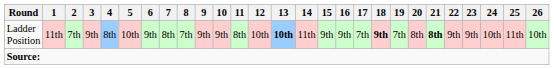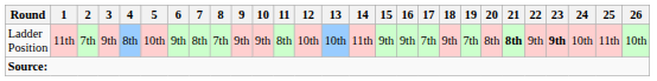 <table class="wikitable">
 <tr>
 <th>Round</th>
 <th>1</th>
 <th>2</th>
 <th>3</th>
 <th>4</th>
 <th>5</th>
 <th>6</th>
 <th>7</th>
 <th>8</th>
 <th>9</th>
 <th>10</th>
 <th>11</th>
 <th>12</th>
 <th>13</th>
 <th>14</th>
 <th>15</th>
 <th>16</th>
 <th>17</th>
 <th>18</th>
 <th>19</th>
 <th>20</th>
 <th>21</th>
 <th>22</th>
 <th>23</th>
 <th>24</th>
 <th>25</th>
 <th>26</th>
 </tr>
 <tr>
 <td>Ladder Position</td>
 <td style="text-align:center; background:#FFCFCF">11th</td>
 <td style="text-align:center; background:#cfc;">7th</td>
 <td style="text-align:center; background:#FFCFCF">9th</td>
 <td style="text-align:center; background:#99ccff;">8th</td>
 <td style="text-align:center; background:#FFCFCF">10th</td>
 <td style="text-align:center; background:#cfc;">9th</td>
 <td style="text-align:center; background:#cfc;">8th</td>
 <td style="text-align:center; background:#cfc;">7th</td>
 <td style="text-align:center; background:#FFCFCF">9th</td>
 <td style="text-align:center; background:#FFCFCF">9th</td>
 <td style="text-align:center; background:#cfc;">8th</td>
 <td style="text-align:center; background:#FFCFCF">10th</td>
-<td style="text-align:center; background:#99ccff;"><strong>10th</strong></td>
+<td style="text-align:center; background:#99ccff;">10th</td>
 <td style="text-align:center; background:#FFCFCF">11th</td>
 <td style="text-align:center; background:#cfc;">9th</td>
 <td style="text-align:center; background:#cfc;">9th</td>
 <td style="text-align:center; background:#cfc;">7th</td>
-<td style="text-align:center; background:#FFCFCF"><strong>9th</strong></td>
+<td style="text-align:center; background:#FFCFCF">9th</td>
 <td style="text-align:center; background:#cfc;">7th</td>
 <td style="text-align:center; background:#FFCFCF">8th</td>
 <td style="text-align:center; background:#cfc;"><strong>8th</strong></td>
 <td style="text-align:center; background:#FFCFCF">9th</td>
-<td style="text-align:center; background:#FFCFCF">9th</td>
+<td style="text-align:center; background:#FFCFCF"><strong>9th</strong></td>
 <td style="text-align:center; background:#FFCFCF">10th</td>
 <td style="text-align:center; background:#FFCFCF">11th</td>
 <td style="text-align:center; background:#cfc;">10th</td>
 </tr>
 <tr>
 <td colspan="27"><strong>Source:</strong></td>
 </tr>
 </table>
